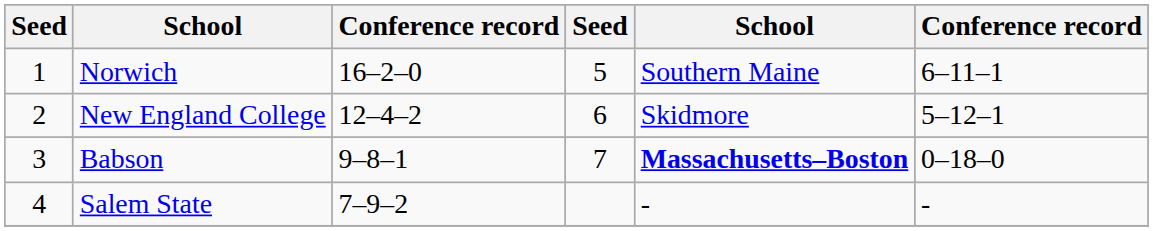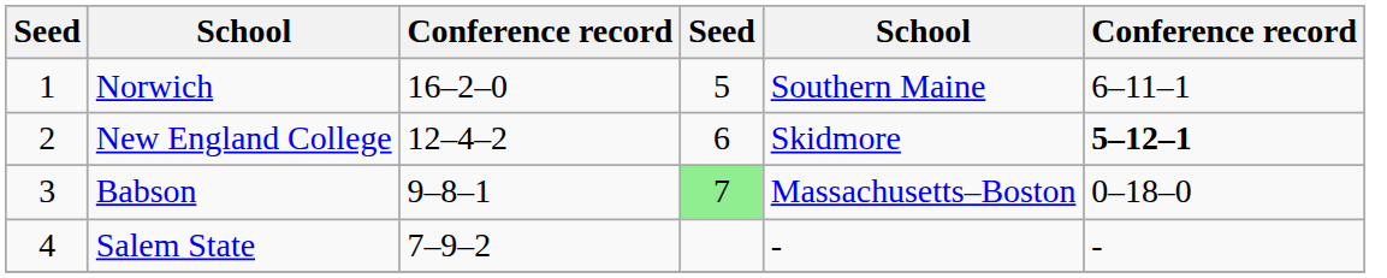 <table class="wikitable">
 <tr>
 <th>Seed</th>
 <th>School</th>
 <th>Conference record</th>
 <th>Seed</th>
 <th>School</th>
 <th>Conference record</th>
 </tr>
 <tr>
 <td align=center>1</td>
 <td><a href='#'>Norwich</a></td>
 <td>16–2–0</td>
 <td align=center>5</td>
 <td><a href='#'>Southern Maine</a></td>
 <td>6–11–1</td>
 </tr>
 <tr>
 <td align=center>2</td>
 <td><a href='#'>New England College</a></td>
 <td>12–4–2</td>
 <td align=center>6</td>
 <td><a href='#'>Skidmore</a></td>
-<td>5–12–1</td>
+<td><strong>5–12–1</strong></td>
 </tr>
 <tr>
 <td align=center>3</td>
 <td><a href='#'>Babson</a></td>
 <td>9–8–1</td>
-<td align=center>7</td>
-<td><strong><a href='#'>Massachusetts–Boston</a></strong></td>
+<td align=center style="background: lightgreen;">7</td>
+<td><a href='#'>Massachusetts–Boston</a></td>
 <td>0–18–0</td>
 </tr>
 <tr>
 <td align=center>4</td>
 <td><a href='#'>Salem State</a></td>
 <td>7–9–2</td>
 <td align=center></td>
 <td>-</td>
 <td>-</td>
 </tr>
 <tr>
 </tr>
 </table>
